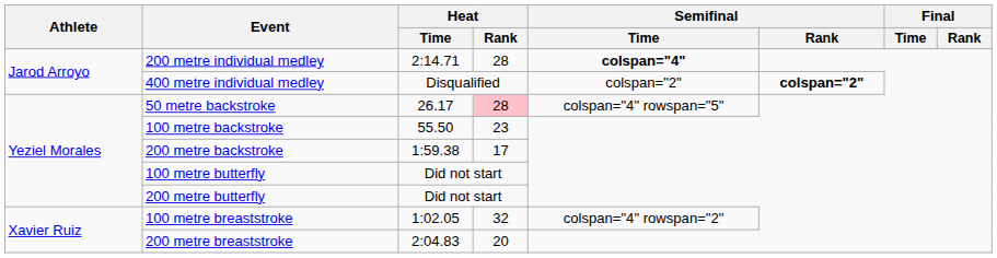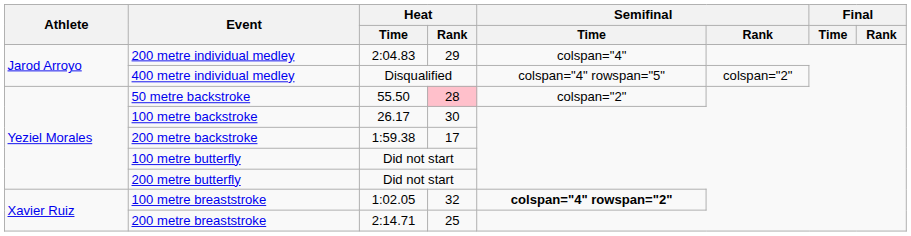 <table class="wikitable" style="text-align:center; font-size:90%; width:50%;">
 <tr>
 <th rowspan="2">Athlete</th>
 <th rowspan="2">Event</th>
 <th colspan="2">Heat</th>
 <th colspan="2">Semifinal</th>
 <th colspan="2">Final</th>
 </tr>
 <tr style="font-size:95%">
 <th>Time</th>
 <th>Rank</th>
 <th>Time</th>
 <th>Rank</th>
 <th>Time</th>
 <th>Rank</th>
 </tr>
 <tr align=center>
 <td align=left rowspan="2"><a href='#'>Jarod Arroyo</a></td>
 <td align=left><a href='#'>200 metre individual medley</a></td>
-<td>2:14.71</td>
-<td>28</td>
-<td><strong>colspan="4"  </strong></td>
+<td>2:04.83</td>
+<td>29</td>
+<td>colspan="4"  </td>
 </tr>
 <tr align=center>
 <td align=left><a href='#'>400 metre individual medley</a></td>
 <td colspan="2">Disqualified</td>
+<td>colspan="4"  rowspan="5" </td>
 <td>colspan="2"  </td>
-<td><strong>colspan="2"  </strong></td>
 </tr>
 <tr align=center>
 <td align=left rowspan="5"><a href='#'>Yeziel Morales</a></td>
 <td align=left><a href='#'>50 metre backstroke</a></td>
-<td>26.17</td>
+<td>55.50</td>
 <td style="background: pink;">28</td>
-<td>colspan="4"  rowspan="5" </td>
+<td>colspan="2"  </td>
 </tr>
 <tr align=center>
 <td align=left><a href='#'>100 metre backstroke</a></td>
-<td>55.50</td>
-<td>23</td>
+<td>26.17</td>
+<td>30</td>
 </tr>
 <tr align=center>
 <td align=left><a href='#'>200 metre backstroke</a></td>
 <td>1:59.38</td>
 <td>17</td>
 </tr>
 <tr align=center>
 <td align=left><a href='#'>100 metre butterfly</a></td>
 <td colspan="2">Did not start</td>
 </tr>
 <tr align=center>
 <td align=left><a href='#'>200 metre butterfly</a></td>
 <td colspan="2">Did not start</td>
 </tr>
 <tr align=center>
 <td align=left rowspan="2"><a href='#'>Xavier Ruiz</a></td>
 <td align=left><a href='#'>100 metre breaststroke</a></td>
 <td>1:02.05</td>
 <td>32</td>
-<td>colspan="4" rowspan="2" </td>
+<td><strong>colspan="4" rowspan="2" </strong></td>
 </tr>
 <tr align=center>
 <td align=left><a href='#'>200 metre breaststroke</a></td>
-<td>2:04.83</td>
-<td>20</td>
+<td>2:14.71</td>
+<td>25</td>
 </tr>
 </table>
